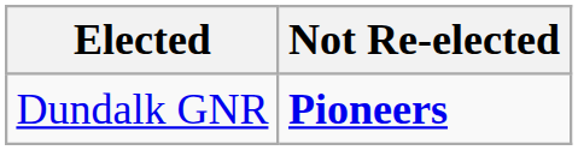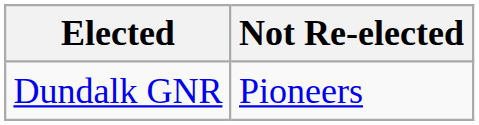 <table class="wikitable">
 <tr>
 <th>Elected</th>
 <th>Not Re-elected</th>
 </tr>
 <tr>
 <td><a href='#'>Dundalk GNR</a></td>
-<td><strong><a href='#'>Pioneers</a></strong></td>
+<td><a href='#'>Pioneers</a></td>
 </tr>
 </table>
